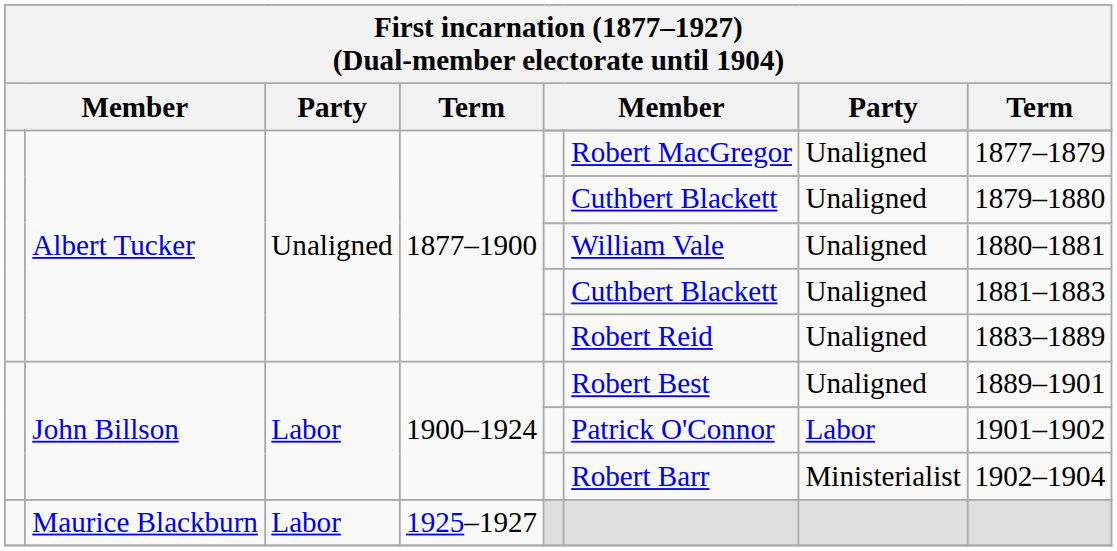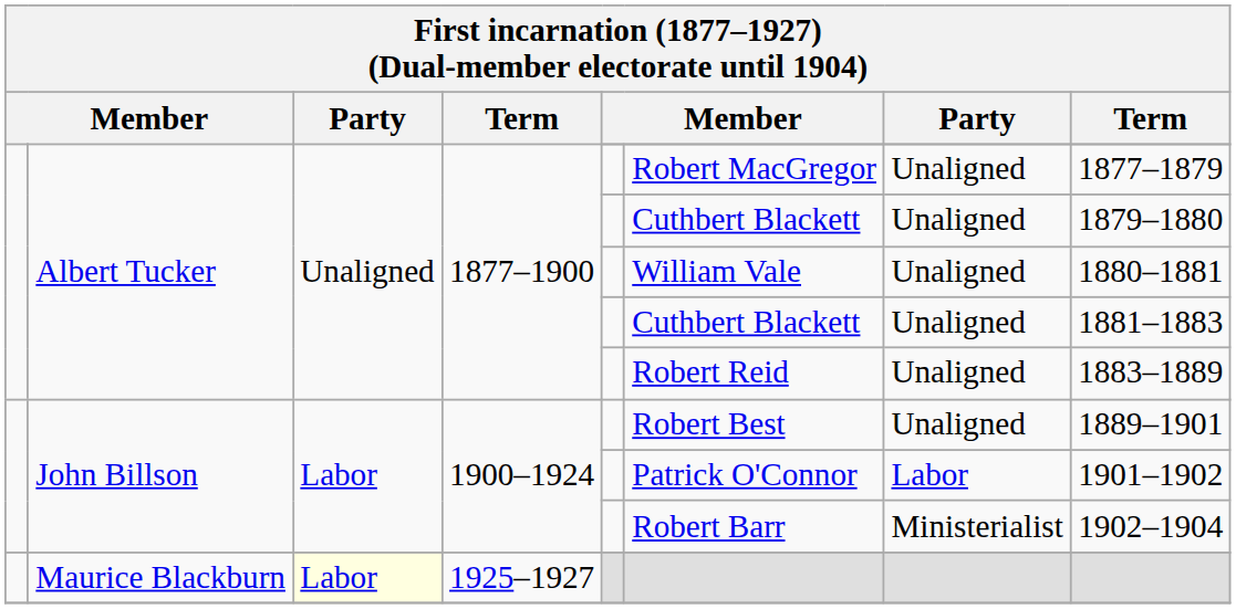 <table class="wikitable">
 <tr>
 <th colspan="8">First incarnation (1877–1927)<br>(Dual-member electorate until 1904)</th>
 </tr>
 <tr>
 <th colspan="2">Member</th>
 <th>Party</th>
 <th>Term</th>
 <th colspan="2">Member</th>
 <th>Party</th>
 <th>Term</th>
 </tr>
 <tr>
 <td rowspan=7 > </td>
 <td rowspan=7><a href='#'>Albert Tucker</a></td>
 <td rowspan=7>Unaligned</td>
 <td rowspan=7>1877–1900</td>
 </tr>
 <tr>
 <td> </td>
 <td><a href='#'>Robert MacGregor</a></td>
 <td>Unaligned</td>
 <td>1877–1879</td>
 </tr>
 <tr>
 <td> </td>
 <td><a href='#'>Cuthbert Blackett</a></td>
 <td>Unaligned</td>
 <td>1879–1880</td>
 </tr>
 <tr>
 <td> </td>
 <td><a href='#'>William Vale</a></td>
 <td>Unaligned</td>
 <td>1880–1881</td>
 </tr>
 <tr>
 <td> </td>
 <td><a href='#'>Cuthbert Blackett</a></td>
 <td>Unaligned</td>
 <td>1881–1883</td>
 </tr>
 <tr>
 <td> </td>
 <td><a href='#'>Robert Reid</a></td>
 <td>Unaligned</td>
 <td>1883–1889</td>
 </tr>
 <tr>
 <td rowspan="2" > </td>
 <td rowspan="2"><a href='#'>Robert Best</a></td>
 <td rowspan="2">Unaligned</td>
 <td rowspan="2">1889–1901</td>
 </tr>
 <tr>
 <td rowspan="4" > </td>
 <td rowspan="4"><a href='#'>John Billson</a></td>
 <td rowspan="4"><a href='#'>Labor</a></td>
 <td rowspan="4">1900–1924</td>
 </tr>
 <tr>
 <td> </td>
 <td><a href='#'>Patrick O'Connor</a></td>
 <td><a href='#'>Labor</a></td>
 <td>1901–1902</td>
 </tr>
 <tr>
 <td> </td>
 <td><a href='#'>Robert Barr</a></td>
 <td>Ministerialist</td>
 <td>1902–1904</td>
 </tr>
 <tr>
 <td rowspan= 2  bgcolor=#DFDFDF> </td>
 <td rowspan= 2  bgcolor=#DFDFDF> </td>
 <td rowspan= 2  bgcolor=#DFDFDF> </td>
 <td rowspan= 2  bgcolor=#DFDFDF> </td>
 </tr>
 <tr>
 <td> </td>
 <td><a href='#'>Maurice Blackburn</a></td>
-<td><a href='#'>Labor</a></td>
+<td style="background: lightyellow;"><a href='#'>Labor</a></td>
 <td><a href='#'>1925</a>–1927</td>
 </tr>
 <tr>
 </tr>
 </table>
